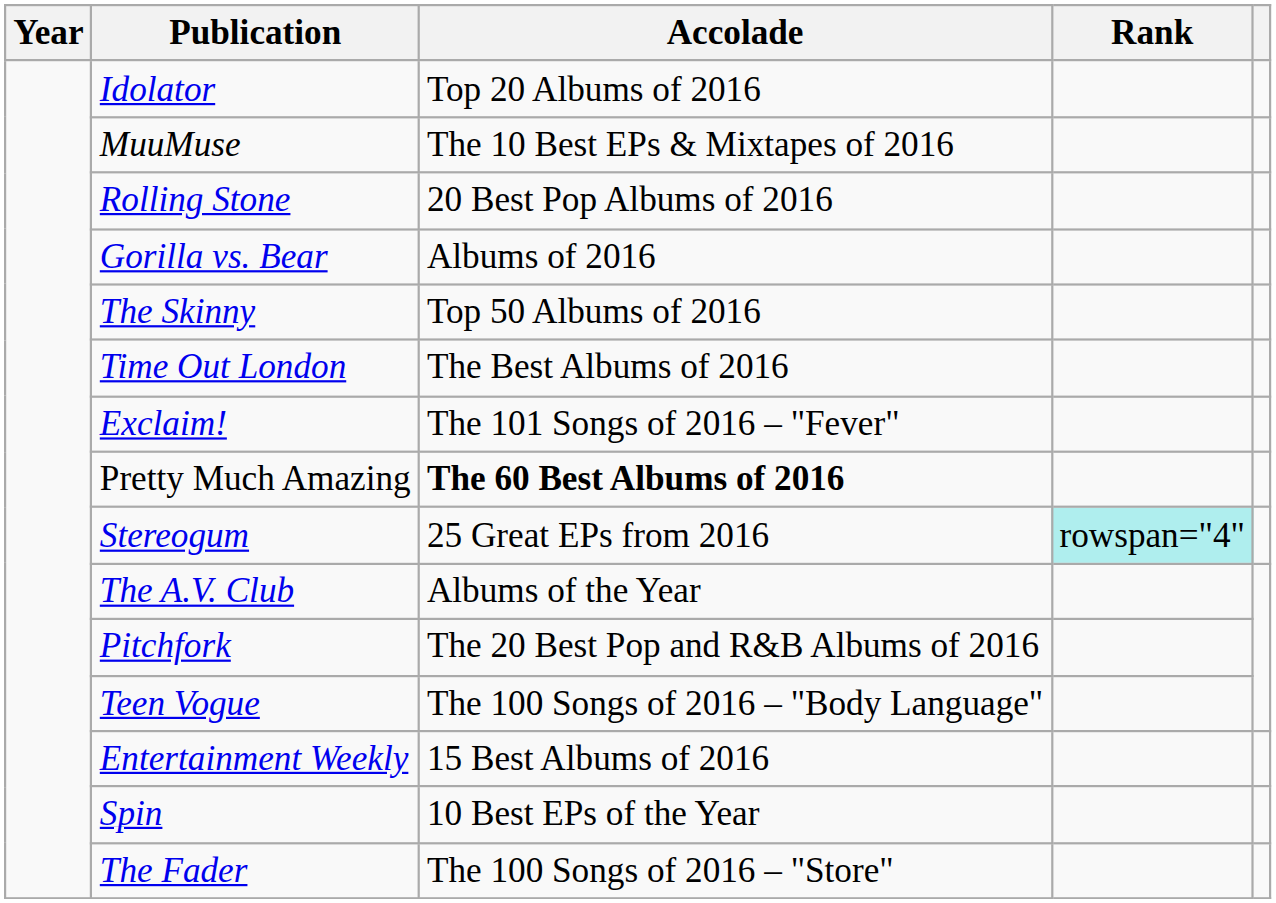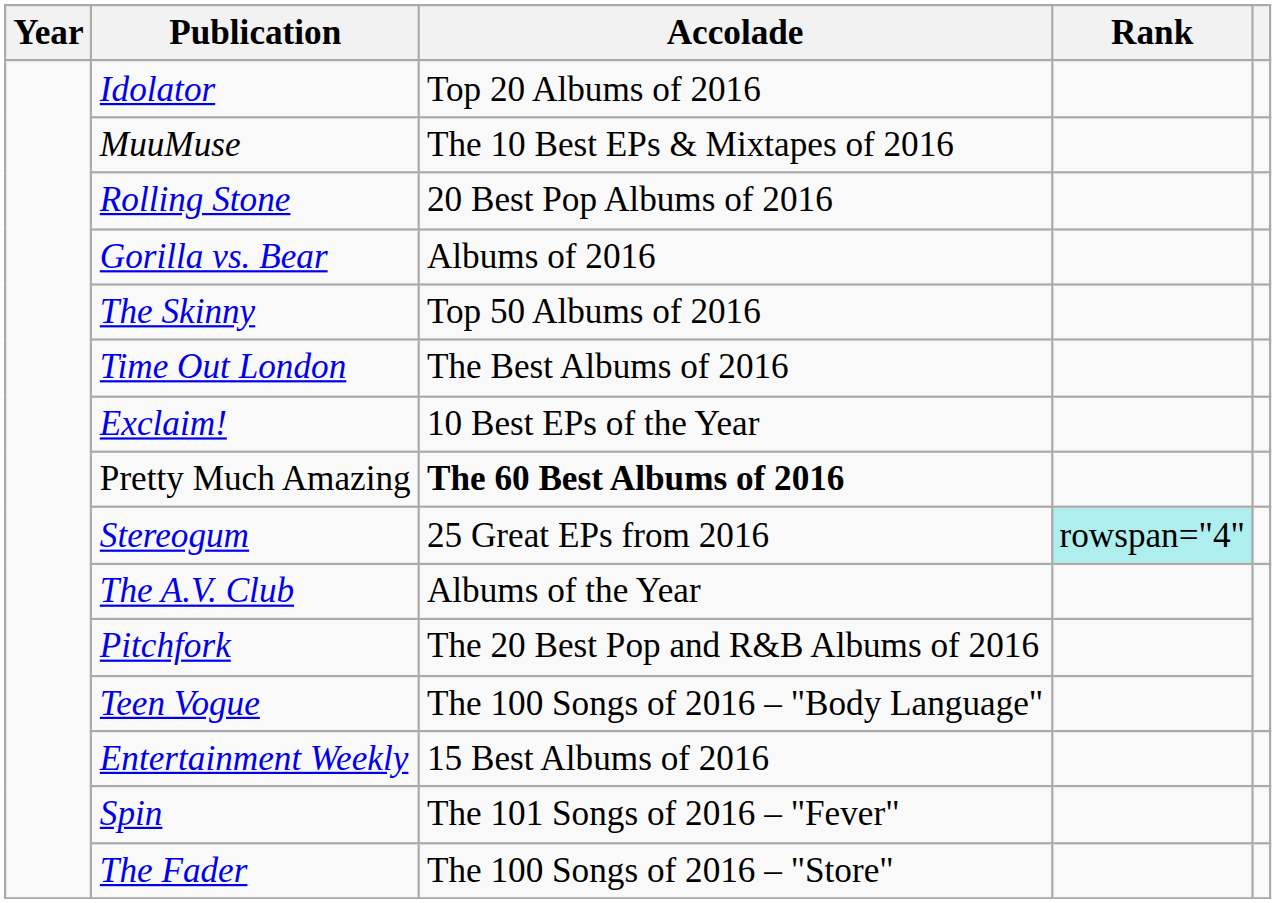 <table class="sortable wikitable">
 <tr>
 <th>Year</th>
 <th>Publication</th>
 <th>Accolade</th>
 <th>Rank</th>
 <th class="unsortable"></th>
 </tr>
 <tr>
 <td rowspan="15"></td>
 <td><em><a href='#'>Idolator</a></em></td>
 <td>Top 20 Albums of 2016</td>
 <td></td>
 <td></td>
 </tr>
 <tr>
 <td><em>MuuMuse</em></td>
 <td>The 10 Best EPs & Mixtapes of 2016</td>
 <td></td>
 <td></td>
 </tr>
 <tr>
 <td><em><a href='#'>Rolling Stone</a></em></td>
 <td>20 Best Pop Albums of 2016</td>
 <td></td>
 <td></td>
 </tr>
 <tr>
 <td><em><a href='#'>Gorilla vs. Bear</a></em></td>
 <td>Albums of 2016</td>
 <td></td>
 <td></td>
 </tr>
 <tr>
 <td><em><a href='#'>The Skinny</a></em></td>
 <td>Top 50 Albums of 2016</td>
 <td></td>
 <td></td>
 </tr>
 <tr>
 <td><a href='#'><em>Time Out London</em></a></td>
 <td>The Best Albums of 2016</td>
 <td></td>
 <td></td>
 </tr>
 <tr>
 <td><em><a href='#'>Exclaim!</a></em></td>
-<td>The 101 Songs of 2016 – "Fever"</td>
+<td>10 Best EPs of the Year</td>
 <td></td>
 <td></td>
 </tr>
 <tr>
 <td>Pretty Much Amazing</td>
 <td><strong>The 60 Best Albums of 2016</strong></td>
 <td></td>
 <td></td>
 </tr>
 <tr>
 <td><em><a href='#'>Stereogum</a></em></td>
 <td>25 Great EPs from 2016</td>
 <td style="background: paleturquoise;">rowspan="4" </td>
 <td></td>
 </tr>
 <tr>
 <td><em><a href='#'>The A.V. Club</a></em></td>
 <td>Albums of the Year</td>
 <td></td>
 </tr>
 <tr>
 <td><em><a href='#'>Pitchfork</a></em></td>
 <td>The 20 Best Pop and R&B Albums of 2016</td>
 <td></td>
 </tr>
 <tr>
 <td><em><a href='#'>Teen Vogue</a></em></td>
 <td>The 100 Songs of 2016 – "Body Language"</td>
 <td></td>
 </tr>
 <tr>
 <td><em><a href='#'>Entertainment Weekly</a></em></td>
 <td>15 Best Albums of 2016</td>
 <td></td>
 <td></td>
 </tr>
 <tr>
 <td><em><a href='#'>Spin</a></em></td>
-<td>10 Best EPs of the Year</td>
+<td>The 101 Songs of 2016 – "Fever"</td>
 <td></td>
 <td></td>
 </tr>
 <tr>
 <td><em><a href='#'>The Fader</a></em></td>
 <td>The 100 Songs of 2016 – "Store"</td>
 <td></td>
 <td></td>
 </tr>
 </table>
